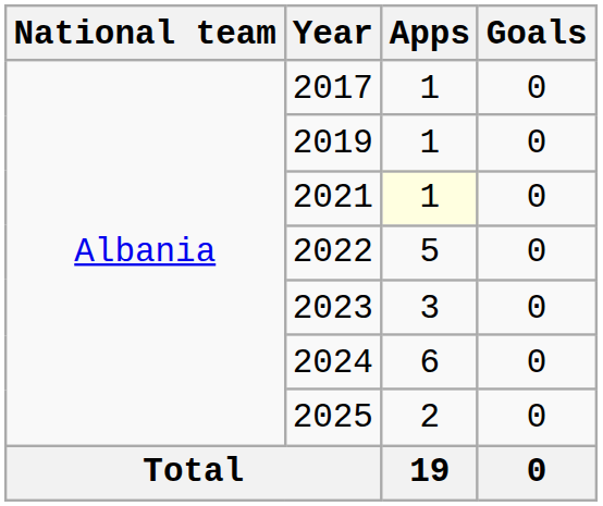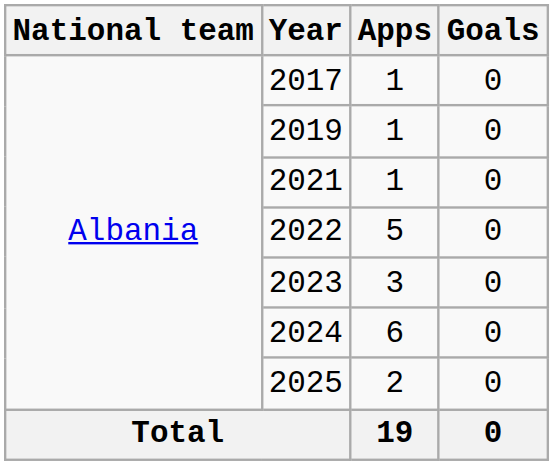 <table class="wikitable" style="text-align:center">
 <tr>
 <th>National team</th>
 <th>Year</th>
 <th>Apps</th>
 <th>Goals</th>
 </tr>
 <tr>
 <td rowspan="7"><a href='#'>Albania</a></td>
 <td>2017</td>
 <td>1</td>
 <td>0</td>
 </tr>
 <tr>
 <td>2019</td>
 <td>1</td>
 <td>0</td>
 </tr>
 <tr>
 <td>2021</td>
-<td style="background: lightyellow;">1</td>
+<td>1</td>
 <td>0</td>
 </tr>
 <tr>
 <td>2022</td>
 <td>5</td>
 <td>0</td>
 </tr>
 <tr>
 <td>2023</td>
 <td>3</td>
 <td>0</td>
 </tr>
 <tr>
 <td>2024</td>
 <td>6</td>
 <td>0</td>
 </tr>
 <tr>
 <td>2025</td>
 <td>2</td>
 <td>0</td>
 </tr>
 <tr>
 <th colspan="2">Total</th>
 <th>19</th>
 <th>0</th>
 </tr>
 </table>
